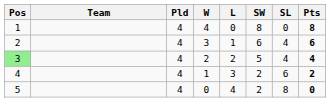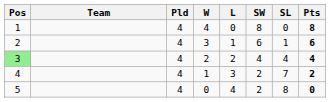 <table class="wikitable" style="text-align: center;">
 <tr>
 <th width="30">Pos</th>
 <th width="180">Team</th>
 <th width="30">Pld</th>
 <th width="30">W</th>
 <th width="30">L</th>
 <th width="30">SW</th>
 <th width="30">SL</th>
 <th width="30">Pts</th>
 </tr>
 <tr>
 <td>1</td>
 <td align="left"></td>
 <td>4</td>
 <td>4</td>
 <td>0</td>
 <td>8</td>
 <td>0</td>
 <td><strong>8</strong></td>
 </tr>
 <tr>
 <td>2</td>
 <td align="left"></td>
 <td>4</td>
 <td>3</td>
 <td>1</td>
 <td>6</td>
-<td>4</td>
+<td>1</td>
 <td><strong>6</strong></td>
 </tr>
 <tr>
 <td style="background: lightgreen;">3</td>
 <td align="left"></td>
 <td>4</td>
 <td>2</td>
 <td>2</td>
-<td>5</td>
+<td>4</td>
 <td>4</td>
 <td><strong>4</strong></td>
 </tr>
 <tr>
 <td>4</td>
 <td align="left"></td>
 <td>4</td>
 <td>1</td>
 <td>3</td>
 <td>2</td>
-<td>6</td>
+<td>7</td>
 <td><strong>2</strong></td>
 </tr>
 <tr>
 <td>5</td>
 <td align="left"></td>
 <td>4</td>
 <td>0</td>
 <td>4</td>
 <td>2</td>
 <td>8</td>
 <td><strong>0</strong></td>
 </tr>
 </table>
